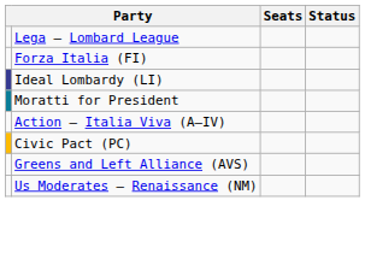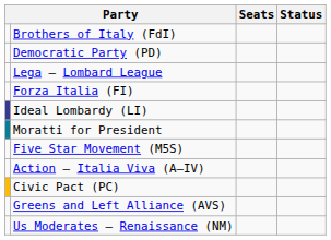 <table class=wikitable>
 <tr>
 <th colspan=2>Party</th>
 <th>Seats</th>
 <th>Status</th>
+</tr>
+<tr>
+<td style="color:inherit;background:"></td>
+<td><a href='#'>Brothers of Italy</a> (FdI)</td>
+<td></td>
+<td></td>
+</tr>
+<tr>
+<td style="color:inherit;background:"></td>
+<td><a href='#'>Democratic Party</a> (PD)</td>
+<td></td>
+<td></td>
 </tr>
 <tr>
 <td style="color:inherit;background:"></td>
 <td><a href='#'>Lega</a> – <a href='#'>Lombard League</a></td>
 <td></td>
 <td></td>
 </tr>
 <tr>
 <td style="color:inherit;background:"></td>
 <td><a href='#'>Forza Italia</a> (FI)</td>
 <td></td>
 <td></td>
 </tr>
 <tr>
 <td style="color:inherit;background:#363A91"></td>
 <td>Ideal Lombardy (LI)</td>
 <td></td>
 <td></td>
 </tr>
 <tr>
 <td style="color:inherit;background:#0A7D98"></td>
 <td>Moratti for President</td>
+<td></td>
+<td></td>
+</tr>
+<tr>
+<td style="color:inherit;background:"></td>
+<td><a href='#'>Five Star Movement</a> (M5S)</td>
 <td></td>
 <td></td>
 </tr>
 <tr>
 <td style="color:inherit;background:"></td>
 <td><a href='#'>Action</a> – <a href='#'>Italia Viva</a> (A–IV)</td>
 <td></td>
 <td></td>
 </tr>
 <tr>
 <td style="color:inherit;background:#FEBB00"></td>
 <td>Civic Pact (PC)</td>
 <td></td>
 <td></td>
 </tr>
 <tr>
 <td style="color:inherit;background:"></td>
 <td><a href='#'>Greens and Left Alliance</a> (AVS)</td>
 <td></td>
 <td></td>
 </tr>
 <tr>
 <td style="color:inherit;background:"></td>
 <td><a href='#'>Us Moderates</a> – <a href='#'>Renaissance</a> (NM)</td>
 <td></td>
 <td></td>
 </tr>
 </table>
